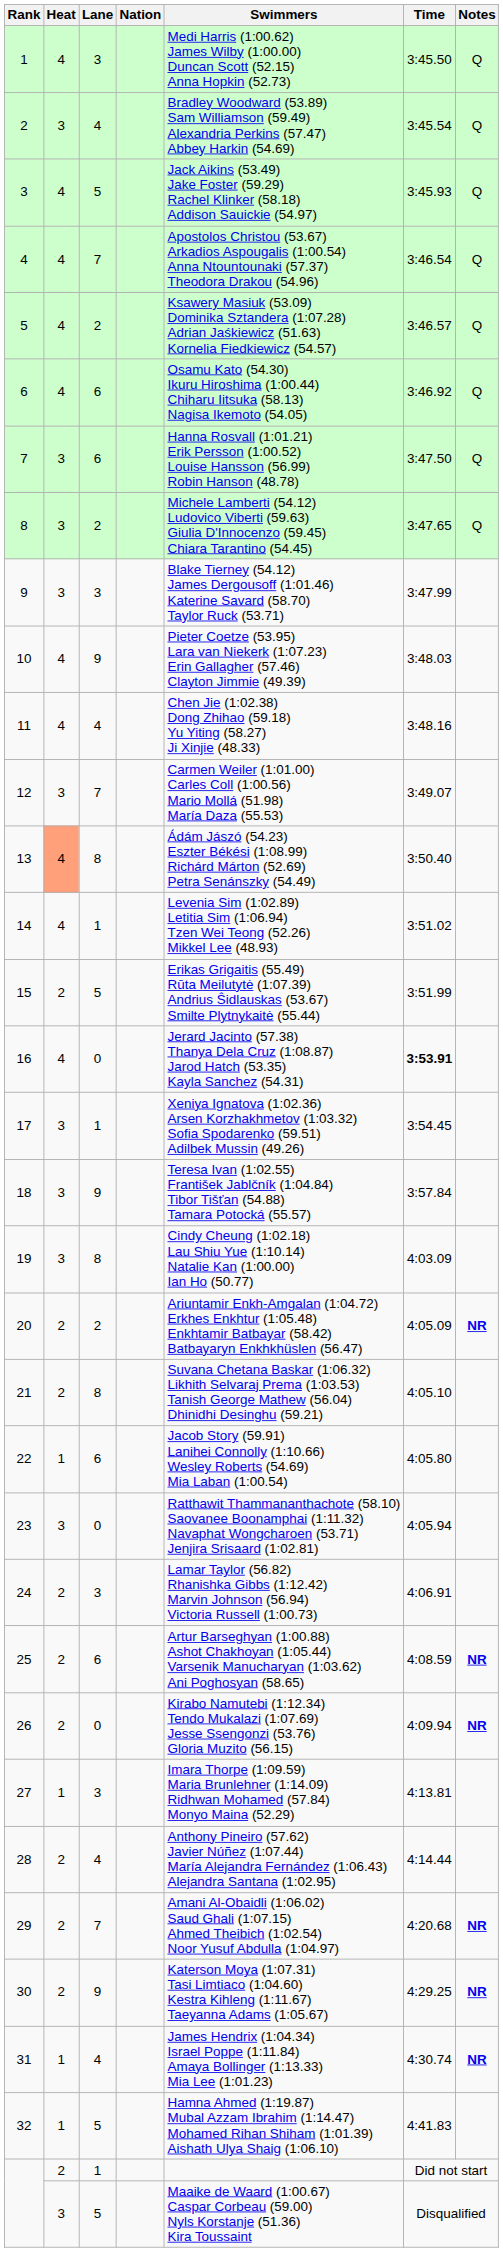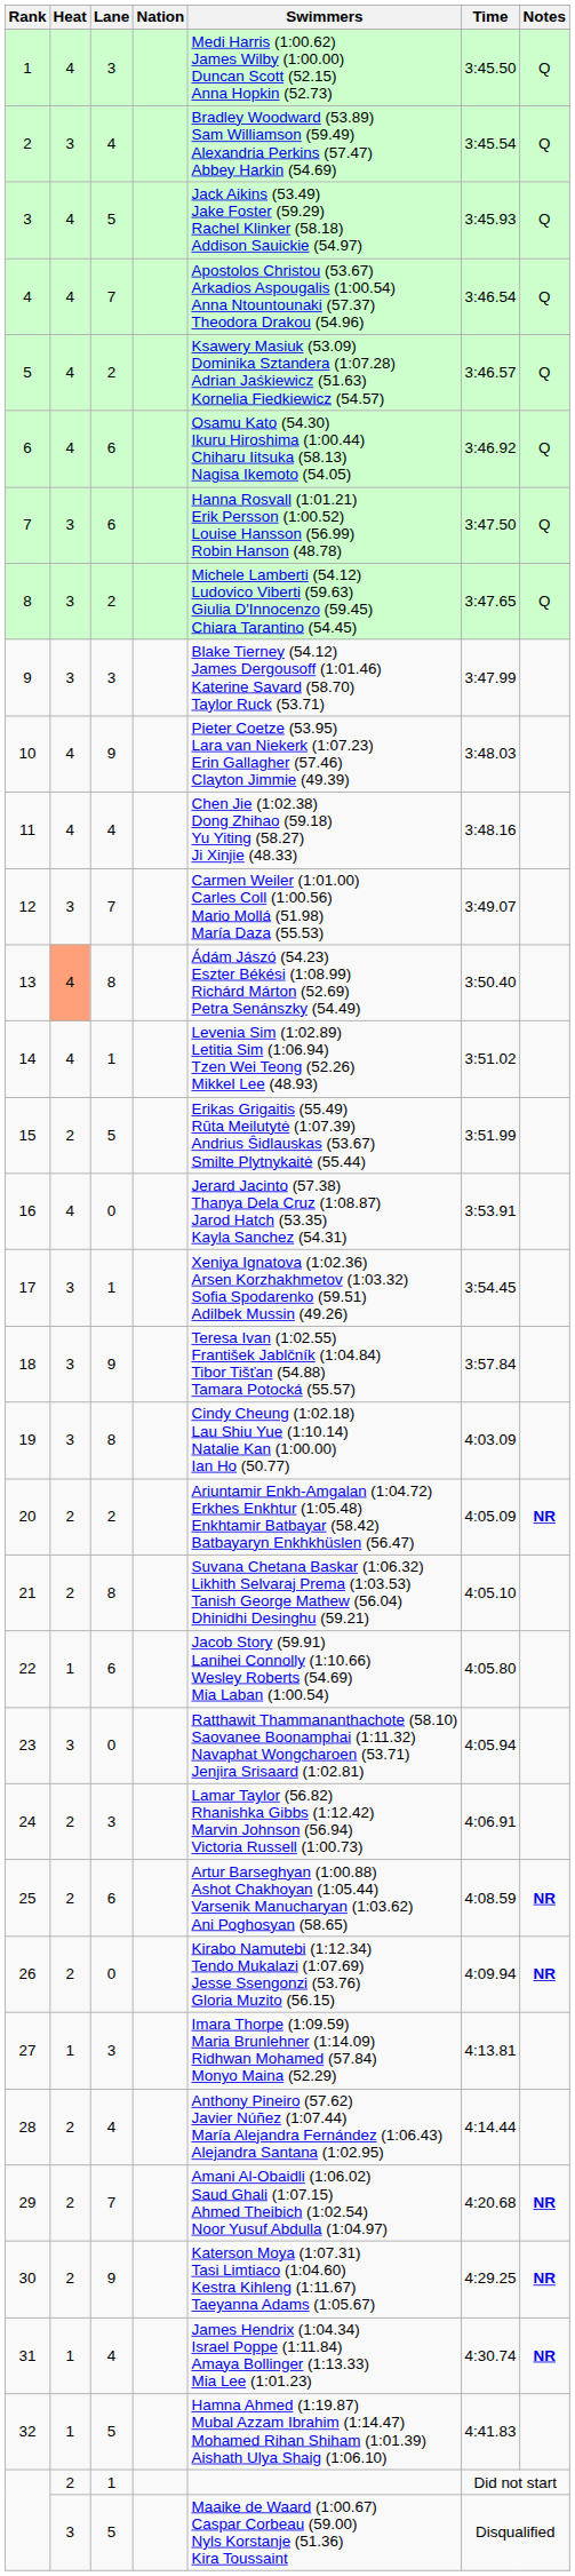 <table class="wikitable sortable" style="text-align:center">
 <tr>
 <th>Rank</th>
 <th>Heat</th>
 <th>Lane</th>
 <th>Nation</th>
 <th>Swimmers</th>
 <th>Time</th>
 <th>Notes</th>
 </tr>
 <tr bgcolor=ccffcc>
 <td>1</td>
 <td>4</td>
 <td>3</td>
 <td align=left></td>
 <td align=left><a href='#'>Medi Harris</a> (1:00.62)<br><a href='#'>James Wilby</a> (1:00.00)<br><a href='#'>Duncan Scott</a> (52.15)<br><a href='#'>Anna Hopkin</a> (52.73)</td>
 <td>3:45.50</td>
 <td>Q</td>
 </tr>
 <tr bgcolor=ccffcc>
 <td>2</td>
 <td>3</td>
 <td>4</td>
 <td align=left></td>
 <td align=left><a href='#'>Bradley Woodward</a> (53.89)<br><a href='#'>Sam Williamson</a> (59.49)<br><a href='#'>Alexandria Perkins</a> (57.47)<br><a href='#'>Abbey Harkin</a> (54.69)</td>
 <td>3:45.54</td>
 <td>Q</td>
 </tr>
 <tr bgcolor=ccffcc>
 <td>3</td>
 <td>4</td>
 <td>5</td>
 <td align=left></td>
 <td align=left><a href='#'>Jack Aikins</a> (53.49)<br><a href='#'>Jake Foster</a> (59.29)<br><a href='#'>Rachel Klinker</a> (58.18)<br><a href='#'>Addison Sauickie</a> (54.97)</td>
 <td>3:45.93</td>
 <td>Q</td>
 </tr>
 <tr bgcolor=ccffcc>
 <td>4</td>
 <td>4</td>
 <td>7</td>
 <td align=left></td>
 <td align=left><a href='#'>Apostolos Christou</a> (53.67)<br><a href='#'>Arkadios Aspougalis</a> (1:00.54)<br><a href='#'>Anna Ntountounaki</a> (57.37)<br><a href='#'>Theodora Drakou</a> (54.96)</td>
 <td>3:46.54</td>
 <td>Q</td>
 </tr>
 <tr bgcolor=ccffcc>
 <td>5</td>
 <td>4</td>
 <td>2</td>
 <td align=left></td>
 <td align=left><a href='#'>Ksawery Masiuk</a> (53.09)<br><a href='#'>Dominika Sztandera</a> (1:07.28)<br><a href='#'>Adrian Jaśkiewicz</a> (51.63)<br><a href='#'>Kornelia Fiedkiewicz</a> (54.57)</td>
 <td>3:46.57</td>
 <td>Q</td>
 </tr>
 <tr bgcolor=ccffcc>
 <td>6</td>
 <td>4</td>
 <td>6</td>
 <td align=left></td>
 <td align=left><a href='#'>Osamu Kato</a> (54.30)<br><a href='#'>Ikuru Hiroshima</a> (1:00.44)<br><a href='#'>Chiharu Iitsuka</a> (58.13)<br><a href='#'>Nagisa Ikemoto</a> (54.05)</td>
 <td>3:46.92</td>
 <td>Q</td>
 </tr>
 <tr bgcolor=ccffcc>
 <td>7</td>
 <td>3</td>
 <td>6</td>
 <td align=left></td>
 <td align=left><a href='#'>Hanna Rosvall</a> (1:01.21)<br><a href='#'>Erik Persson</a> (1:00.52)<br><a href='#'>Louise Hansson</a> (56.99)<br><a href='#'>Robin Hanson</a> (48.78)</td>
 <td>3:47.50</td>
 <td>Q</td>
 </tr>
 <tr bgcolor=ccffcc>
 <td>8</td>
 <td>3</td>
 <td>2</td>
 <td align=left></td>
 <td align=left><a href='#'>Michele Lamberti</a> (54.12)<br><a href='#'>Ludovico Viberti</a> (59.63)<br><a href='#'>Giulia D'Innocenzo</a> (59.45)<br><a href='#'>Chiara Tarantino</a> (54.45)</td>
 <td>3:47.65</td>
 <td>Q</td>
 </tr>
 <tr>
 <td>9</td>
 <td>3</td>
 <td>3</td>
 <td align=left></td>
 <td align=left><a href='#'>Blake Tierney</a> (54.12)<br><a href='#'>James Dergousoff</a> (1:01.46)<br><a href='#'>Katerine Savard</a> (58.70)<br><a href='#'>Taylor Ruck</a> (53.71)</td>
 <td>3:47.99</td>
 <td></td>
 </tr>
 <tr>
 <td>10</td>
 <td>4</td>
 <td>9</td>
 <td align=left></td>
 <td align=left><a href='#'>Pieter Coetze</a> (53.95)<br><a href='#'>Lara van Niekerk</a> (1:07.23)<br><a href='#'>Erin Gallagher</a> (57.46)<br><a href='#'>Clayton Jimmie</a> (49.39)</td>
 <td>3:48.03</td>
 <td></td>
 </tr>
 <tr>
 <td>11</td>
 <td>4</td>
 <td>4</td>
 <td align=left></td>
 <td align=left><a href='#'>Chen Jie</a> (1:02.38)<br><a href='#'>Dong Zhihao</a> (59.18)<br><a href='#'>Yu Yiting</a> (58.27)<br><a href='#'>Ji Xinjie</a> (48.33)</td>
 <td>3:48.16</td>
 <td></td>
 </tr>
 <tr>
 <td>12</td>
 <td>3</td>
 <td>7</td>
 <td align=left></td>
 <td align=left><a href='#'>Carmen Weiler</a> (1:01.00)<br><a href='#'>Carles Coll</a> (1:00.56)<br><a href='#'>Mario Mollá</a> (51.98)<br><a href='#'>María Daza</a> (55.53)</td>
 <td>3:49.07</td>
 <td></td>
 </tr>
 <tr>
 <td>13</td>
 <td style="background: lightsalmon;">4</td>
 <td>8</td>
 <td align=left></td>
 <td align=left><a href='#'>Ádám Jászó</a> (54.23)<br><a href='#'>Eszter Békési</a> (1:08.99)<br><a href='#'>Richárd Márton</a> (52.69)<br><a href='#'>Petra Senánszky</a> (54.49)</td>
 <td>3:50.40</td>
 <td></td>
 </tr>
 <tr>
 <td>14</td>
 <td>4</td>
 <td>1</td>
 <td align=left></td>
 <td align=left><a href='#'>Levenia Sim</a> (1:02.89)<br><a href='#'>Letitia Sim</a> (1:06.94)<br><a href='#'>Tzen Wei Teong</a> (52.26)<br><a href='#'>Mikkel Lee</a> (48.93)</td>
 <td>3:51.02</td>
 <td></td>
 </tr>
 <tr>
 <td>15</td>
 <td>2</td>
 <td>5</td>
 <td align=left></td>
 <td align=left><a href='#'>Erikas Grigaitis</a> (55.49)<br><a href='#'>Rūta Meilutytė</a> (1:07.39)<br><a href='#'>Andrius Ŝidlauskas</a> (53.67)<br><a href='#'>Smilte Plytnykaitė</a> (55.44)</td>
 <td>3:51.99</td>
 <td></td>
 </tr>
 <tr>
 <td>16</td>
 <td>4</td>
 <td>0</td>
 <td align=left></td>
 <td align=left><a href='#'>Jerard Jacinto</a> (57.38)<br><a href='#'>Thanya Dela Cruz</a> (1:08.87)<br><a href='#'>Jarod Hatch</a> (53.35)<br><a href='#'>Kayla Sanchez</a> (54.31)</td>
-<td><strong>3:53.91</strong></td>
+<td>3:53.91</td>
 <td></td>
 </tr>
 <tr>
 <td>17</td>
 <td>3</td>
 <td>1</td>
 <td align=left></td>
 <td align=left><a href='#'>Xeniya Ignatova</a> (1:02.36)<br><a href='#'>Arsen Korzhakhmetov</a> (1:03.32)<br><a href='#'>Sofia Spodarenko</a> (59.51)<br><a href='#'>Adilbek Mussin</a> (49.26)</td>
 <td>3:54.45</td>
 <td></td>
 </tr>
 <tr>
 <td>18</td>
 <td>3</td>
 <td>9</td>
 <td align=left></td>
 <td align=left><a href='#'>Teresa Ivan</a> (1:02.55)<br><a href='#'>František Jablčník</a> (1:04.84)<br><a href='#'>Tibor Tišťan</a> (54.88)<br><a href='#'>Tamara Potocká</a> (55.57)</td>
 <td>3:57.84</td>
 <td></td>
 </tr>
 <tr>
 <td>19</td>
 <td>3</td>
 <td>8</td>
 <td align=left></td>
 <td align=left><a href='#'>Cindy Cheung</a> (1:02.18)<br><a href='#'>Lau Shiu Yue</a> (1:10.14)<br><a href='#'>Natalie Kan</a> (1:00.00)<br><a href='#'>Ian Ho</a> (50.77)</td>
 <td>4:03.09</td>
 <td></td>
 </tr>
 <tr>
 <td>20</td>
 <td>2</td>
 <td>2</td>
 <td align=left></td>
 <td align=left><a href='#'>Ariuntamir Enkh-Amgalan</a> (1:04.72)<br><a href='#'>Erkhes Enkhtur</a> (1:05.48)<br><a href='#'>Enkhtamir Batbayar</a> (58.42)<br><a href='#'>Batbayaryn Enkhkhüslen</a> (56.47)</td>
 <td>4:05.09</td>
 <td><strong><a href='#'>NR</a></strong></td>
 </tr>
 <tr>
 <td>21</td>
 <td>2</td>
 <td>8</td>
 <td align=left></td>
 <td align=left><a href='#'>Suvana Chetana Baskar</a> (1:06.32)<br><a href='#'>Likhith Selvaraj Prema</a> (1:03.53)<br><a href='#'>Tanish George Mathew</a> (56.04)<br><a href='#'>Dhinidhi Desinghu</a> (59.21)</td>
 <td>4:05.10</td>
 <td></td>
 </tr>
 <tr>
 <td>22</td>
 <td>1</td>
 <td>6</td>
 <td align=left></td>
 <td align=left><a href='#'>Jacob Story</a> (59.91)<br><a href='#'>Lanihei Connolly</a> (1:10.66)<br><a href='#'>Wesley Roberts</a> (54.69)<br><a href='#'>Mia Laban</a> (1:00.54)</td>
 <td>4:05.80</td>
 <td></td>
 </tr>
 <tr>
 <td>23</td>
 <td>3</td>
 <td>0</td>
 <td align=left></td>
 <td align=left><a href='#'>Ratthawit Thammananthachote</a> (58.10)<br><a href='#'>Saovanee Boonamphai</a> (1:11.32)<br><a href='#'>Navaphat Wongcharoen</a> (53.71)<br><a href='#'>Jenjira Srisaard</a> (1:02.81)</td>
 <td>4:05.94</td>
 <td></td>
 </tr>
 <tr>
 <td>24</td>
 <td>2</td>
 <td>3</td>
 <td align=left></td>
 <td align=left><a href='#'>Lamar Taylor</a> (56.82)<br><a href='#'>Rhanishka Gibbs</a> (1:12.42)<br><a href='#'>Marvin Johnson</a> (56.94)<br><a href='#'>Victoria Russell</a> (1:00.73)</td>
 <td>4:06.91</td>
 <td></td>
 </tr>
 <tr>
 <td>25</td>
 <td>2</td>
 <td>6</td>
 <td align=left></td>
 <td align=left><a href='#'>Artur Barseghyan</a> (1:00.88)<br><a href='#'>Ashot Chakhoyan</a> (1:05.44)<br><a href='#'>Varsenik Manucharyan</a> (1:03.62)<br><a href='#'>Ani Poghosyan</a> (58.65)</td>
 <td>4:08.59</td>
 <td><strong><a href='#'>NR</a></strong></td>
 </tr>
 <tr>
 <td>26</td>
 <td>2</td>
 <td>0</td>
 <td align=left></td>
 <td align=left><a href='#'>Kirabo Namutebi</a> (1:12.34)<br><a href='#'>Tendo Mukalazi</a> (1:07.69)<br><a href='#'>Jesse Ssengonzi</a> (53.76)<br><a href='#'>Gloria Muzito</a> (56.15)</td>
 <td>4:09.94</td>
 <td><strong><a href='#'>NR</a></strong></td>
 </tr>
 <tr>
 <td>27</td>
 <td>1</td>
 <td>3</td>
 <td align=left></td>
 <td align=left><a href='#'>Imara Thorpe</a> (1:09.59)<br><a href='#'>Maria Brunlehner</a> (1:14.09)<br><a href='#'>Ridhwan Mohamed</a> (57.84)<br><a href='#'>Monyo Maina</a> (52.29)</td>
 <td>4:13.81</td>
 <td></td>
 </tr>
 <tr>
 <td>28</td>
 <td>2</td>
 <td>4</td>
 <td align=left></td>
 <td align=left><a href='#'>Anthony Pineiro</a> (57.62)<br><a href='#'>Javier Núñez</a> (1:07.44)<br><a href='#'>María Alejandra Fernández</a> (1:06.43)<br><a href='#'>Alejandra Santana</a> (1:02.95)</td>
 <td>4:14.44</td>
 <td></td>
 </tr>
 <tr>
 <td>29</td>
 <td>2</td>
 <td>7</td>
 <td align=left></td>
 <td align=left><a href='#'>Amani Al-Obaidli</a> (1:06.02)<br><a href='#'>Saud Ghali</a> (1:07.15)<br><a href='#'>Ahmed Theibich</a> (1:02.54)<br><a href='#'>Noor Yusuf Abdulla</a> (1:04.97)</td>
 <td>4:20.68</td>
 <td><strong><a href='#'>NR</a></strong></td>
 </tr>
 <tr>
 <td>30</td>
 <td>2</td>
 <td>9</td>
 <td align=left></td>
 <td align=left><a href='#'>Katerson Moya</a> (1:07.31)<br><a href='#'>Tasi Limtiaco</a> (1:04.60)<br><a href='#'>Kestra Kihleng</a> (1:11.67)<br><a href='#'>Taeyanna Adams</a> (1:05.67)</td>
 <td>4:29.25</td>
 <td><strong><a href='#'>NR</a></strong></td>
 </tr>
 <tr>
 <td>31</td>
 <td>1</td>
 <td>4</td>
 <td align=left></td>
 <td align=left><a href='#'>James Hendrix</a> (1:04.34)<br><a href='#'>Israel Poppe</a> (1:11.84)<br><a href='#'>Amaya Bollinger</a> (1:13.33)<br><a href='#'>Mia Lee</a> (1:01.23)</td>
 <td>4:30.74</td>
 <td><strong><a href='#'>NR</a></strong></td>
 </tr>
 <tr>
 <td>32</td>
 <td>1</td>
 <td>5</td>
 <td align=left></td>
 <td align=left><a href='#'>Hamna Ahmed</a> (1:19.87)<br><a href='#'>Mubal Azzam Ibrahim</a> (1:14.47)<br><a href='#'>Mohamed Rihan Shiham</a> (1:01.39)<br><a href='#'>Aishath Ulya Shaig</a> (1:06.10)</td>
 <td>4:41.83</td>
 <td></td>
 </tr>
 <tr>
 <td rowspan=2></td>
 <td>2</td>
 <td>1</td>
 <td align=left></td>
 <td align=left></td>
 <td colspan=2>Did not start</td>
 </tr>
 <tr>
 <td>3</td>
 <td>5</td>
 <td align=left></td>
 <td align=left><a href='#'>Maaike de Waard</a> (1:00.67)<br><a href='#'>Caspar Corbeau</a> (59.00)<br><a href='#'>Nyls Korstanje</a> (51.36)<br><a href='#'>Kira Toussaint</a></td>
 <td colspan=2>Disqualified</td>
 </tr>
 </table>
